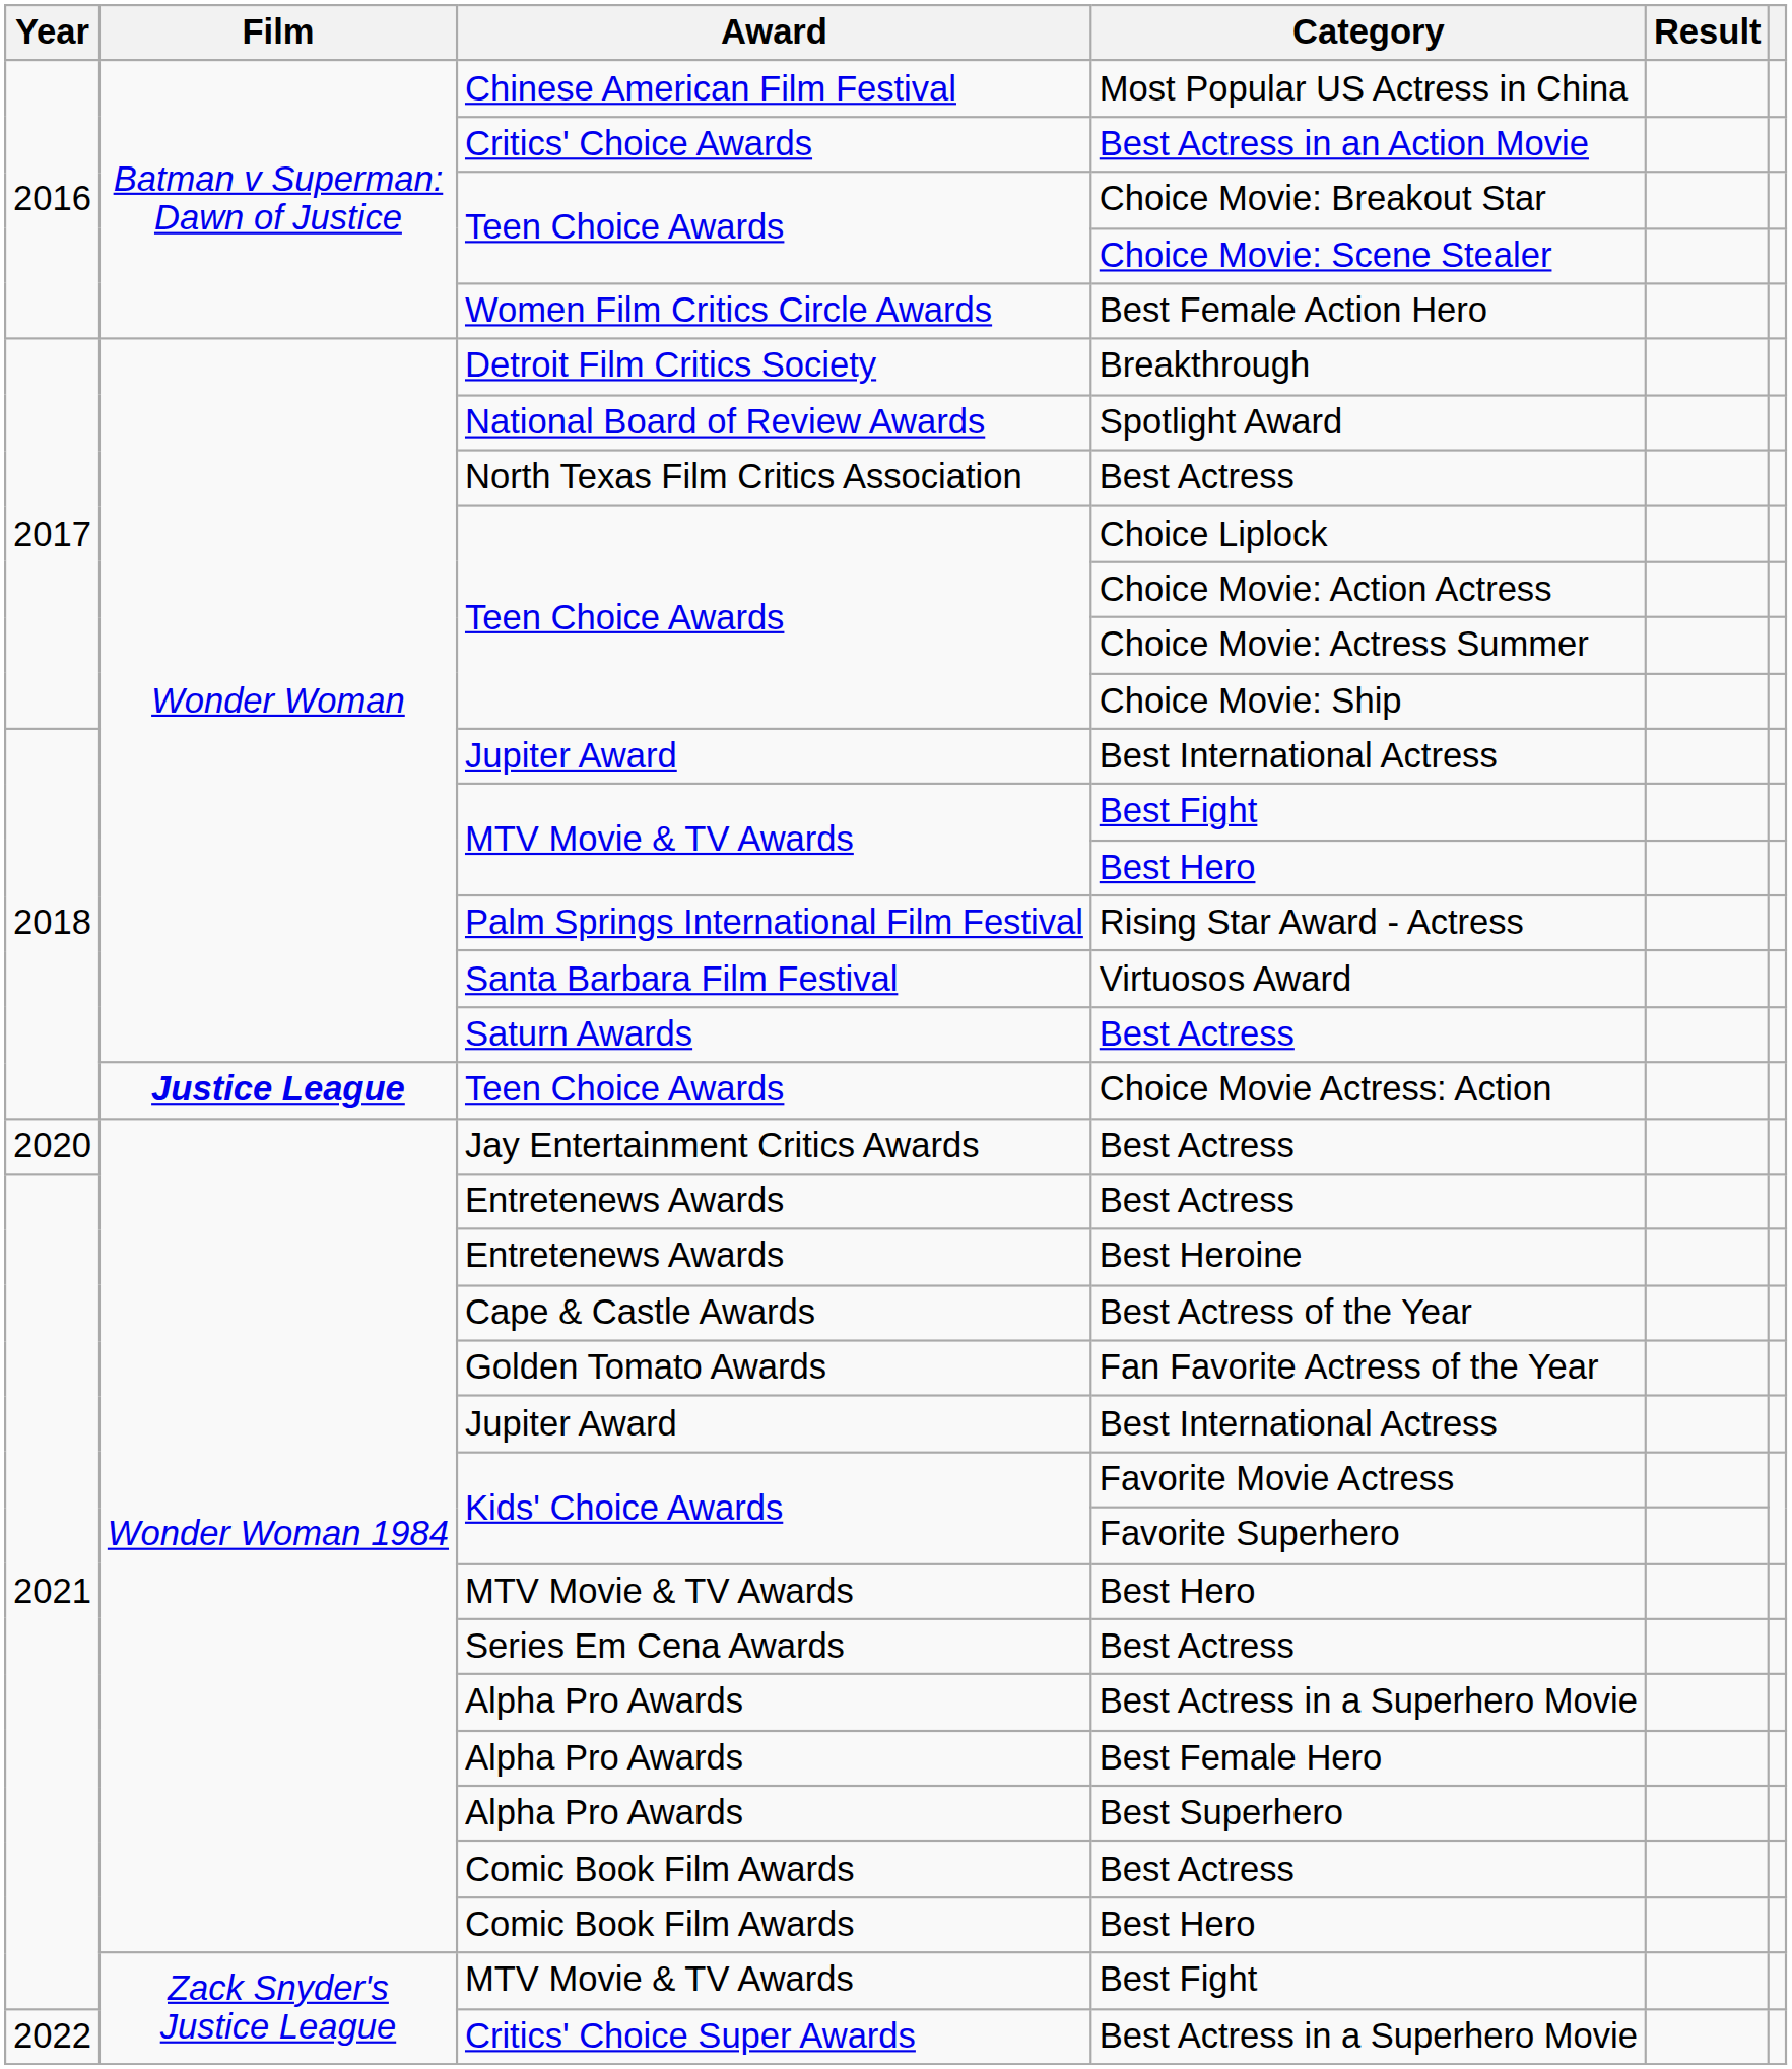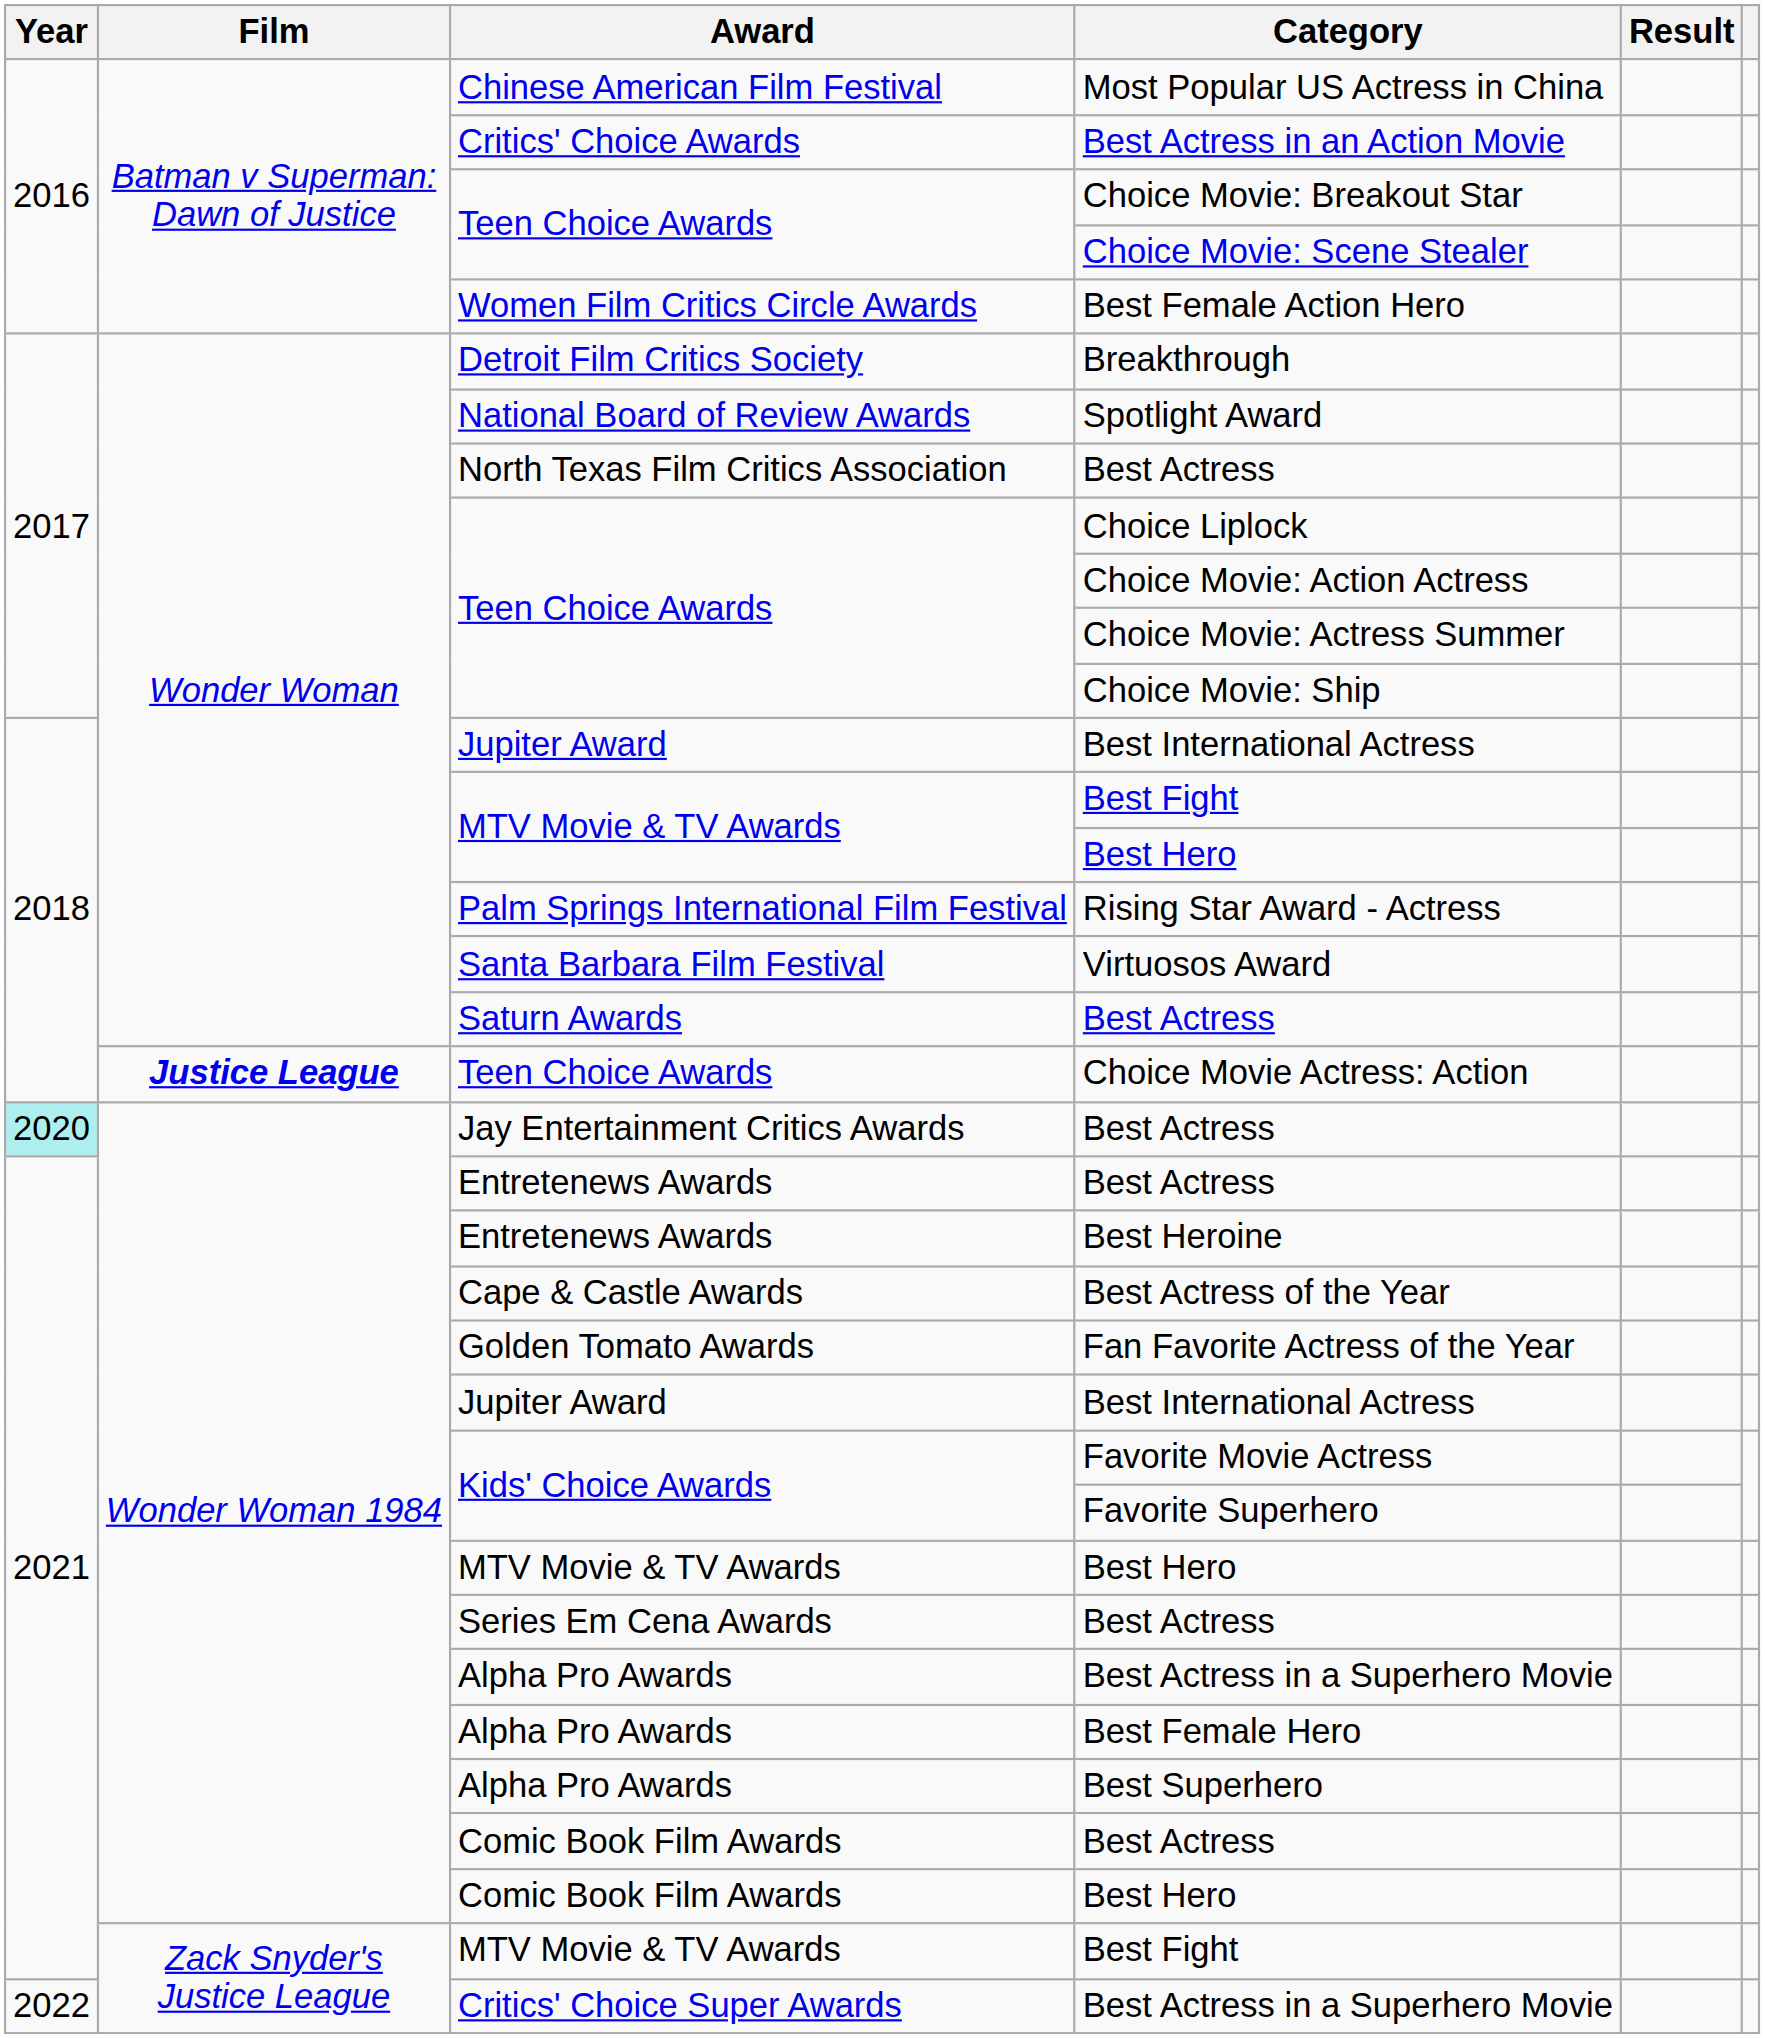 <table class="wikitable sortable">
 <tr>
 <th>Year</th>
 <th>Film</th>
 <th>Award</th>
 <th>Category</th>
 <th>Result</th>
 <th scope="col" class="unsortable"></th>
 </tr>
 <tr>
 <td rowspan="5">2016</td>
 <td rowspan="5" style="text-align:center;"><em><a href='#'>Batman v Superman:<br>Dawn of Justice</a></em></td>
 <td><a href='#'>Chinese American Film Festival</a></td>
 <td>Most Popular US Actress in China</td>
 <td></td>
 <td style="text-align: center;"></td>
 </tr>
 <tr>
 <td><a href='#'>Critics' Choice Awards</a></td>
 <td><a href='#'>Best Actress in an Action Movie</a></td>
 <td></td>
 <td style="text-align: center;"></td>
 </tr>
 <tr>
 <td rowspan="2"><a href='#'>Teen Choice Awards</a></td>
 <td>Choice Movie: Breakout Star</td>
 <td></td>
 <td style="text-align: center;"></td>
 </tr>
 <tr>
 <td><a href='#'>Choice Movie: Scene Stealer</a></td>
 <td></td>
 <td style="text-align: center;"></td>
 </tr>
 <tr>
 <td><a href='#'>Women Film Critics Circle Awards</a></td>
 <td>Best Female Action Hero</td>
 <td></td>
 <td style="text-align: center;"></td>
 </tr>
 <tr>
 <td rowspan="7">2017</td>
 <td rowspan="13" style="text-align:center;"><em><a href='#'>Wonder Woman</a></em></td>
 <td><a href='#'>Detroit Film Critics Society</a></td>
 <td>Breakthrough</td>
 <td></td>
 <td style="text-align: center;"></td>
 </tr>
 <tr>
 <td><a href='#'>National Board of Review Awards</a></td>
 <td>Spotlight Award</td>
 <td></td>
 <td style="text-align: center;"></td>
 </tr>
 <tr>
 <td>North Texas Film Critics Association</td>
 <td>Best Actress</td>
 <td></td>
 <td style="text-align: center;"></td>
 </tr>
 <tr>
 <td rowspan="4"><a href='#'>Teen Choice Awards</a></td>
 <td>Choice Liplock </td>
 <td></td>
 <td style="text-align: center;"></td>
 </tr>
 <tr>
 <td>Choice Movie: Action Actress</td>
 <td></td>
 <td style="text-align: center;"></td>
 </tr>
 <tr>
 <td>Choice Movie: Actress Summer</td>
 <td></td>
 <td style="text-align: center;"></td>
 </tr>
 <tr>
 <td>Choice Movie: Ship </td>
 <td></td>
 <td style="text-align: center;"></td>
 </tr>
 <tr>
 <td rowspan="7">2018</td>
 <td><a href='#'>Jupiter Award</a></td>
 <td>Best International Actress</td>
 <td></td>
 <td style="text-align: center;"></td>
 </tr>
 <tr>
 <td rowspan="2"><a href='#'>MTV Movie & TV Awards</a></td>
 <td><a href='#'>Best Fight</a> </td>
 <td></td>
 <td style="text-align: center;"></td>
 </tr>
 <tr>
 <td><a href='#'>Best Hero</a></td>
 <td></td>
 <td style="text-align: center;"></td>
 </tr>
 <tr>
 <td><a href='#'>Palm Springs International Film Festival</a></td>
 <td>Rising Star Award - Actress</td>
 <td></td>
 <td style="text-align: center;"></td>
 </tr>
 <tr>
 <td><a href='#'>Santa Barbara Film Festival</a></td>
 <td>Virtuosos Award</td>
 <td></td>
 <td style="text-align: center;"></td>
 </tr>
 <tr>
 <td><a href='#'>Saturn Awards</a></td>
 <td><a href='#'>Best Actress</a></td>
 <td></td>
 <td style="text-align: center;"></td>
 </tr>
 <tr>
 <td style="text-align:center;"><strong><em><a href='#'>Justice League</a></em></strong></td>
 <td><a href='#'>Teen Choice Awards</a></td>
 <td>Choice Movie Actress: Action</td>
 <td></td>
 <td style="text-align: center;"></td>
 </tr>
 <tr>
-<td>2020</td>
+<td style="background: paleturquoise;">2020</td>
 <td rowspan="15" style="text-align:center;"><em><a href='#'>Wonder Woman 1984</a></em></td>
 <td>Jay Entertainment Critics Awards</td>
 <td>Best Actress</td>
 <td></td>
 <td></td>
 </tr>
 <tr>
 <td rowspan="15”">2021</td>
 <td>Entretenews Awards</td>
 <td>Best Actress</td>
 <td></td>
 <td></td>
 </tr>
 <tr>
 <td>Entretenews Awards</td>
 <td>Best Heroine</td>
 <td></td>
 <td></td>
 </tr>
 <tr>
 <td>Cape & Castle Awards</td>
 <td>Best Actress of the Year</td>
 <td></td>
 <td></td>
 </tr>
 <tr>
 <td>Golden Tomato Awards</td>
 <td>Fan Favorite Actress of the Year</td>
 <td></td>
 <td></td>
 </tr>
 <tr>
 <td>Jupiter Award</td>
 <td>Best International Actress</td>
 <td></td>
 <td></td>
 </tr>
 <tr>
 <td rowspan="2"><a href='#'>Kids' Choice Awards</a></td>
 <td>Favorite Movie Actress</td>
 <td></td>
 <td rowspan="2" style="text-align:center;"></td>
 </tr>
 <tr>
 <td>Favorite Superhero</td>
 <td></td>
 </tr>
 <tr>
 <td>MTV Movie & TV Awards</td>
 <td>Best Hero</td>
 <td></td>
 <td></td>
 </tr>
 <tr>
 <td>Series Em Cena Awards</td>
 <td>Best Actress</td>
 <td></td>
 <td></td>
 </tr>
 <tr>
 <td>Alpha Pro Awards</td>
 <td>Best Actress in a Superhero Movie</td>
 <td></td>
 <td></td>
 </tr>
 <tr>
 <td>Alpha Pro Awards</td>
 <td>Best Female Hero</td>
 <td></td>
 <td></td>
 </tr>
 <tr>
 <td>Alpha Pro Awards</td>
 <td>Best Superhero</td>
 <td></td>
 <td></td>
 </tr>
 <tr>
 <td>Comic Book Film Awards</td>
 <td>Best Actress</td>
 <td></td>
 <td></td>
 </tr>
 <tr>
 <td>Comic Book Film Awards</td>
 <td>Best Hero</td>
 <td></td>
 <td></td>
 </tr>
 <tr scope="row">
 <td rowspan="2" style="text-align:center;"><em><a href='#'>Zack Snyder's<br>Justice League</a></em></td>
 <td>MTV Movie & TV Awards</td>
 <td>Best Fight </td>
 <td></td>
 <td style="text-align:center;"></td>
 </tr>
 <tr>
 <td>2022</td>
 <td><a href='#'>Critics' Choice Super Awards</a></td>
 <td>Best Actress in a Superhero Movie</td>
 <td></td>
 <td style="text-align:center;"></td>
 </tr>
 <tr>
 </tr>
 </table>
